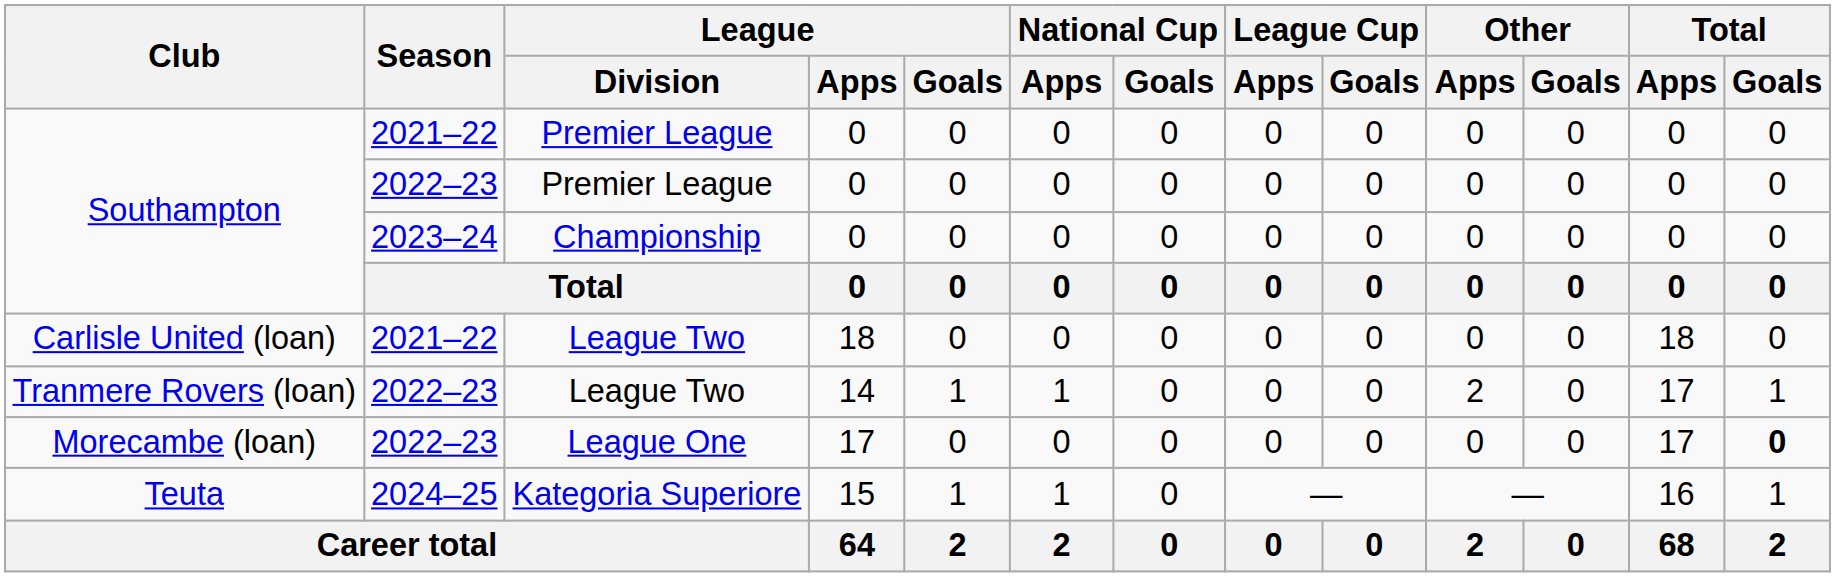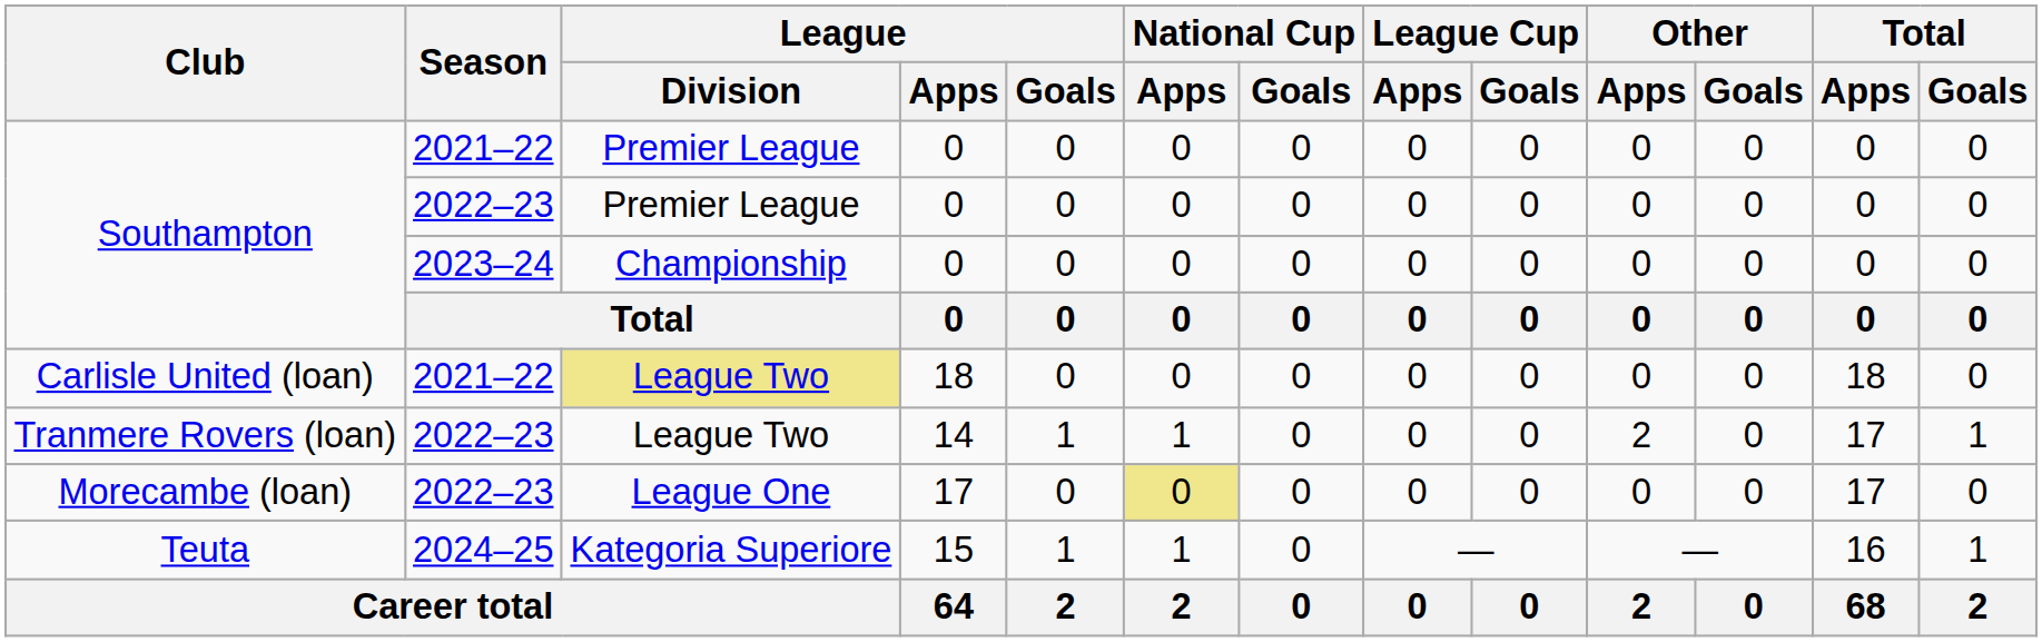 <table class=wikitable style="text-align: center">
 <tr>
 <th rowspan=2>Club</th>
 <th rowspan=2>Season</th>
 <th colspan=3>League</th>
 <th colspan=2>National Cup</th>
 <th colspan=2>League Cup</th>
 <th colspan=2>Other</th>
 <th colspan=2>Total</th>
 </tr>
 <tr>
 <th>Division</th>
 <th>Apps</th>
 <th>Goals</th>
 <th>Apps</th>
 <th>Goals</th>
 <th>Apps</th>
 <th>Goals</th>
 <th>Apps</th>
 <th>Goals</th>
 <th>Apps</th>
 <th>Goals</th>
 </tr>
 <tr>
 <td rowspan=4><a href='#'>Southampton</a></td>
 <td><a href='#'>2021–22</a></td>
 <td><a href='#'>Premier League</a></td>
 <td>0</td>
 <td>0</td>
 <td>0</td>
 <td>0</td>
 <td>0</td>
 <td>0</td>
 <td>0</td>
 <td>0</td>
 <td>0</td>
 <td>0</td>
 </tr>
 <tr>
 <td><a href='#'>2022–23</a></td>
 <td>Premier League</td>
 <td>0</td>
 <td>0</td>
 <td>0</td>
 <td>0</td>
 <td>0</td>
 <td>0</td>
 <td>0</td>
 <td>0</td>
 <td>0</td>
 <td>0</td>
 </tr>
 <tr>
 <td><a href='#'>2023–24</a></td>
 <td><a href='#'>Championship</a></td>
 <td>0</td>
 <td>0</td>
 <td>0</td>
 <td>0</td>
 <td>0</td>
 <td>0</td>
 <td>0</td>
 <td>0</td>
 <td>0</td>
 <td>0</td>
 </tr>
 <tr>
 <th colspan=2>Total</th>
 <th>0</th>
 <th>0</th>
 <th>0</th>
 <th>0</th>
 <th>0</th>
 <th>0</th>
 <th>0</th>
 <th>0</th>
 <th>0</th>
 <th>0</th>
 </tr>
 <tr>
 <td><a href='#'>Carlisle United</a> (loan)</td>
 <td><a href='#'>2021–22</a></td>
-<td><a href='#'>League Two</a></td>
+<td style="background: khaki;"><a href='#'>League Two</a></td>
 <td>18</td>
 <td>0</td>
 <td>0</td>
 <td>0</td>
 <td>0</td>
 <td>0</td>
 <td>0</td>
 <td>0</td>
 <td>18</td>
 <td>0</td>
 </tr>
 <tr>
 <td><a href='#'>Tranmere Rovers</a> (loan)</td>
 <td><a href='#'>2022–23</a></td>
 <td>League Two</td>
 <td>14</td>
 <td>1</td>
 <td>1</td>
 <td>0</td>
 <td>0</td>
 <td>0</td>
 <td>2</td>
 <td>0</td>
 <td>17</td>
 <td>1</td>
 </tr>
 <tr>
 <td><a href='#'>Morecambe</a> (loan)</td>
 <td><a href='#'>2022–23</a></td>
 <td><a href='#'>League One</a></td>
 <td>17</td>
 <td>0</td>
-<td>0</td>
+<td style="background: khaki;">0</td>
 <td>0</td>
 <td>0</td>
 <td>0</td>
 <td>0</td>
 <td>0</td>
 <td>17</td>
-<td><strong>0</strong></td>
+<td>0</td>
 </tr>
 <tr>
 <td><a href='#'>Teuta</a></td>
 <td><a href='#'>2024–25</a></td>
 <td><a href='#'>Kategoria Superiore</a></td>
 <td>15</td>
 <td>1</td>
 <td>1</td>
 <td>0</td>
 <td colspan="2">—</td>
 <td colspan="2">—</td>
 <td>16</td>
 <td>1</td>
 </tr>
 <tr>
 <th colspan=3>Career total</th>
 <th>64</th>
 <th>2</th>
 <th>2</th>
 <th>0</th>
 <th>0</th>
 <th>0</th>
 <th>2</th>
 <th>0</th>
 <th>68</th>
 <th>2</th>
 </tr>
 </table>
